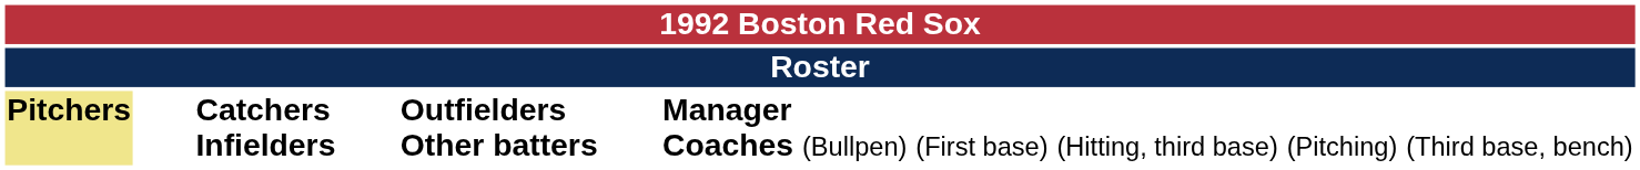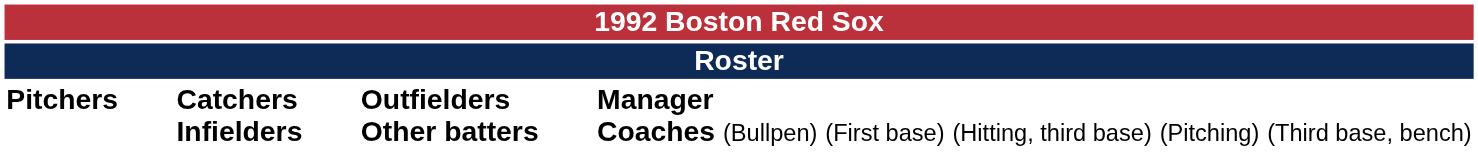 <table class="toccolours" style="text-align: left;">
 <tr>
 <th colspan="10" style="background-color: #ba313c; color: #FFFFFF; text-align: center;">1992 Boston Red Sox</th>
 </tr>
 <tr>
 <td colspan="10" style="background-color:#0d2b56; color: white; text-align: center;"><strong>Roster</strong></td>
 </tr>
 <tr>
-<td valign="top" style="background: khaki;"><strong>Pitchers</strong><br>               </td>
+<td valign="top"><strong>Pitchers</strong><br>               </td>
 <td width="25px"></td>
 <td valign="top"><strong>Catchers</strong><br>   <strong>Infielders</strong>         </td>
 <td width="25px"></td>
 <td valign="top"><strong>Outfielders</strong><br>       <strong>Other batters</strong>   </td>
 <td width="25px"></td>
 <td valign="top"><strong>Manager</strong><br> <strong>Coaches</strong>  <small>(Bullpen)</small>  <small>(First base)</small>  <small>(Hitting, third base)</small>  <small>(Pitching)</small>  <small>(Third base, bench)</small></td>
 </tr>
 <tr>
 </tr>
 </table>
